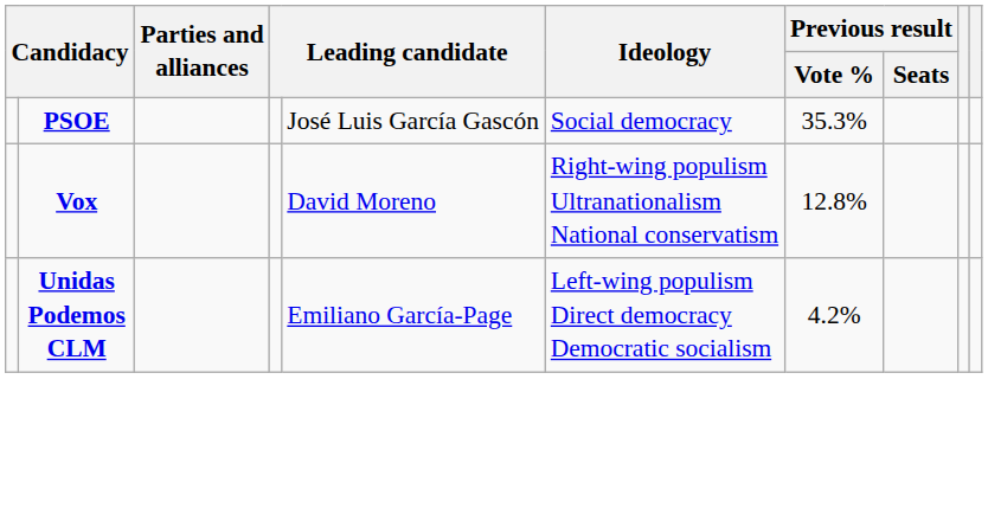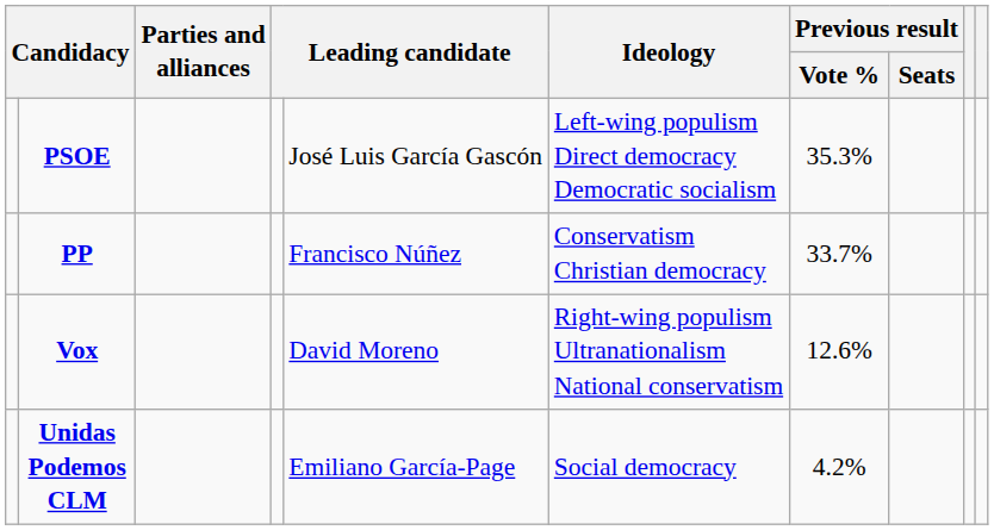 <table class="wikitable" style="line-height:1.35em; text-align:left;">
 <tr>
 <th colspan="2" rowspan="2">Candidacy</th>
 <th rowspan="2">Parties and<br>alliances</th>
 <th colspan="2" rowspan="2">Leading candidate</th>
 <th rowspan="2">Ideology</th>
 <th colspan="2">Previous result</th>
 <th rowspan="2"></th>
 <th rowspan="2"></th>
 </tr>
 <tr>
 <th>Vote %</th>
 <th>Seats</th>
 </tr>
 <tr>
 <td width="1" style="color:inherit;background:"></td>
 <td align="center"><strong><a href='#'>PSOE</a></strong></td>
 <td></td>
 <td></td>
 <td>José Luis García Gascón</td>
-<td><a href='#'>Social democracy</a></td>
+<td><a href='#'>Left-wing populism</a><br><a href='#'>Direct democracy</a><br><a href='#'>Democratic socialism</a></td>
 <td align="center">35.3%</td>
+<td></td>
+<td></td>
+<td></td>
+</tr>
+<tr>
+<td style="color:inherit;background:"></td>
+<td align="center"><strong><a href='#'>PP</a></strong></td>
+<td></td>
+<td></td>
+<td><a href='#'>Francisco Núñez</a></td>
+<td><a href='#'>Conservatism</a><br><a href='#'>Christian democracy</a></td>
+<td align="center">33.7%</td>
 <td></td>
 <td></td>
 <td></td>
 </tr>
 <tr>
 <td style="color:inherit;background:"></td>
 <td align="center"><strong><a href='#'>Vox</a></strong></td>
 <td></td>
 <td></td>
 <td><a href='#'>David Moreno</a></td>
 <td><a href='#'>Right-wing populism</a><br><a href='#'>Ultranationalism</a><br><a href='#'>National conservatism</a></td>
-<td align="center">12.8%</td>
+<td align="center">12.6%</td>
 <td></td>
 <td></td>
 <td></td>
 </tr>
 <tr>
 <td style="color:inherit;background:"></td>
 <td align="center"><strong><a href='#'>Unidas<br>Podemos<br>CLM</a></strong></td>
 <td></td>
 <td></td>
 <td><a href='#'>Emiliano García-Page</a></td>
-<td><a href='#'>Left-wing populism</a><br><a href='#'>Direct democracy</a><br><a href='#'>Democratic socialism</a></td>
+<td><a href='#'>Social democracy</a></td>
 <td align="center">4.2%</td>
 <td></td>
 <td></td>
 <td></td>
 </tr>
 </table>
